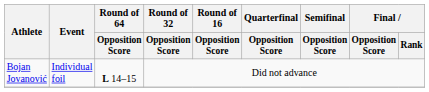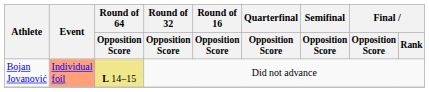 <table class="wikitable" style="font-size:90%">
 <tr>
 <th rowspan="2">Athlete</th>
 <th rowspan="2">Event</th>
 <th>Round of 64</th>
 <th>Round of 32</th>
 <th>Round of 16</th>
 <th>Quarterfinal</th>
 <th>Semifinal</th>
 <th colspan=2>Final / </th>
 </tr>
 <tr style="font-size:95%">
 <th>Opposition <br> Score</th>
 <th>Opposition <br> Score</th>
 <th>Opposition <br> Score</th>
 <th>Opposition <br> Score</th>
 <th>Opposition <br> Score</th>
 <th>Opposition <br> Score</th>
 <th>Rank</th>
 </tr>
 <tr align=center>
 <td align=left><a href='#'>Bojan Jovanović</a></td>
-<td align=left><a href='#'>Individual foil</a></td>
-<td> <br><strong>L</strong> 14–15</td>
+<td align=left style="background: lightsalmon;"><a href='#'>Individual foil</a></td>
+<td style="background: khaki;"> <br><strong>L</strong> 14–15</td>
 <td colspan=6>Did not advance</td>
 </tr>
 <tr>
 </tr>
 </table>
